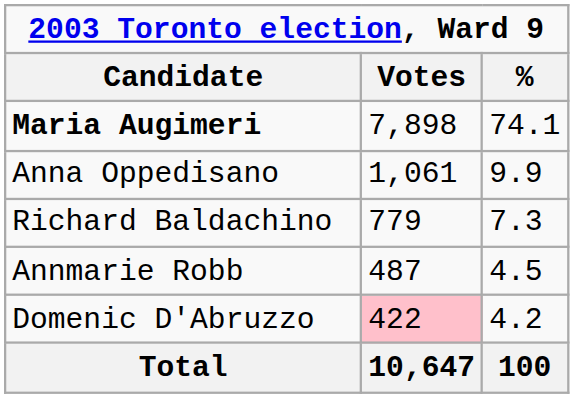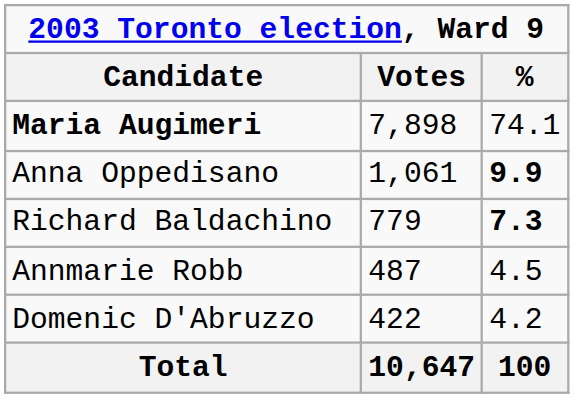 <table class="wikitable">
 <tr>
 <td Colspan="3" align="center"><strong><a href='#'>2003 Toronto election</a>, Ward 9</strong></td>
 </tr>
 <tr>
 <th bgcolor="#DDDDFF" width="150px">Candidate</th>
 <th bgcolor="#DDDDFF">Votes</th>
 <th bgcolor="#DDDDFF">%</th>
 </tr>
 <tr>
 <td><strong>Maria Augimeri</strong></td>
 <td>7,898</td>
 <td>74.1</td>
 </tr>
 <tr>
 <td>Anna Oppedisano</td>
 <td>1,061</td>
-<td>9.9</td>
+<td><strong>9.9</strong></td>
 </tr>
 <tr>
 <td>Richard Baldachino</td>
 <td>779</td>
-<td>7.3</td>
+<td><strong>7.3</strong></td>
 </tr>
 <tr>
 <td>Annmarie Robb</td>
 <td>487</td>
 <td>4.5</td>
 </tr>
 <tr>
 <td>Domenic D'Abruzzo</td>
-<td style="background: pink;">422</td>
+<td>422</td>
 <td>4.2</td>
 </tr>
 <tr>
 <th>Total</th>
 <th align=right>10,647</th>
 <th align=right>100</th>
 </tr>
 </table>
